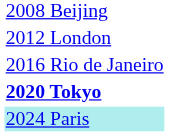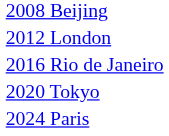 <table>
 <tr>
 <td><a href='#'>2008 Beijing</a><br></td>
 <td></td>
 <td></td>
 <td></td>
 </tr>
 <tr>
 <td><a href='#'>2012 London</a><br></td>
 <td></td>
 <td></td>
 <td></td>
 </tr>
 <tr>
 <td><a href='#'>2016 Rio de Janeiro</a><br></td>
 <td></td>
 <td></td>
 <td></td>
 </tr>
 <tr>
-<td><strong><a href='#'>2020 Tokyo</a><br></strong></td>
+<td><a href='#'>2020 Tokyo</a><br></td>
 <td></td>
 <td></td>
 <td></td>
 </tr>
 <tr>
-<td style="background: paleturquoise;"><a href='#'>2024 Paris</a> <br></td>
+<td><a href='#'>2024 Paris</a> <br></td>
 <td></td>
 <td></td>
 <td></td>
 </tr>
 <tr>
 </tr>
 </table>
